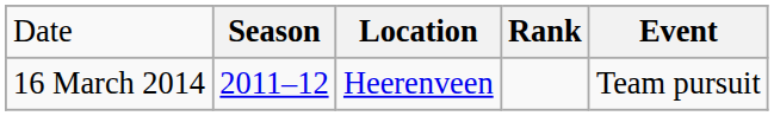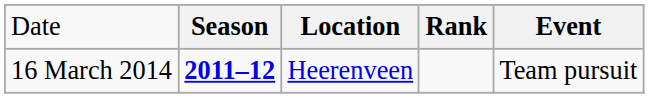 <table class="wikitable sortable" style="font-size:90%" style="text-align:center">
 <tr>
 <td>Date</td>
 <th>Season</th>
 <th>Location</th>
 <th>Rank</th>
 <th>Event</th>
 </tr>
 <tr>
 <td>16 March 2014</td>
-<td><a href='#'>2011–12</a></td>
+<td><strong><a href='#'>2011–12</a></strong></td>
 <td><a href='#'>Heerenveen</a></td>
 <td></td>
 <td>Team pursuit</td>
 </tr>
 </table>
